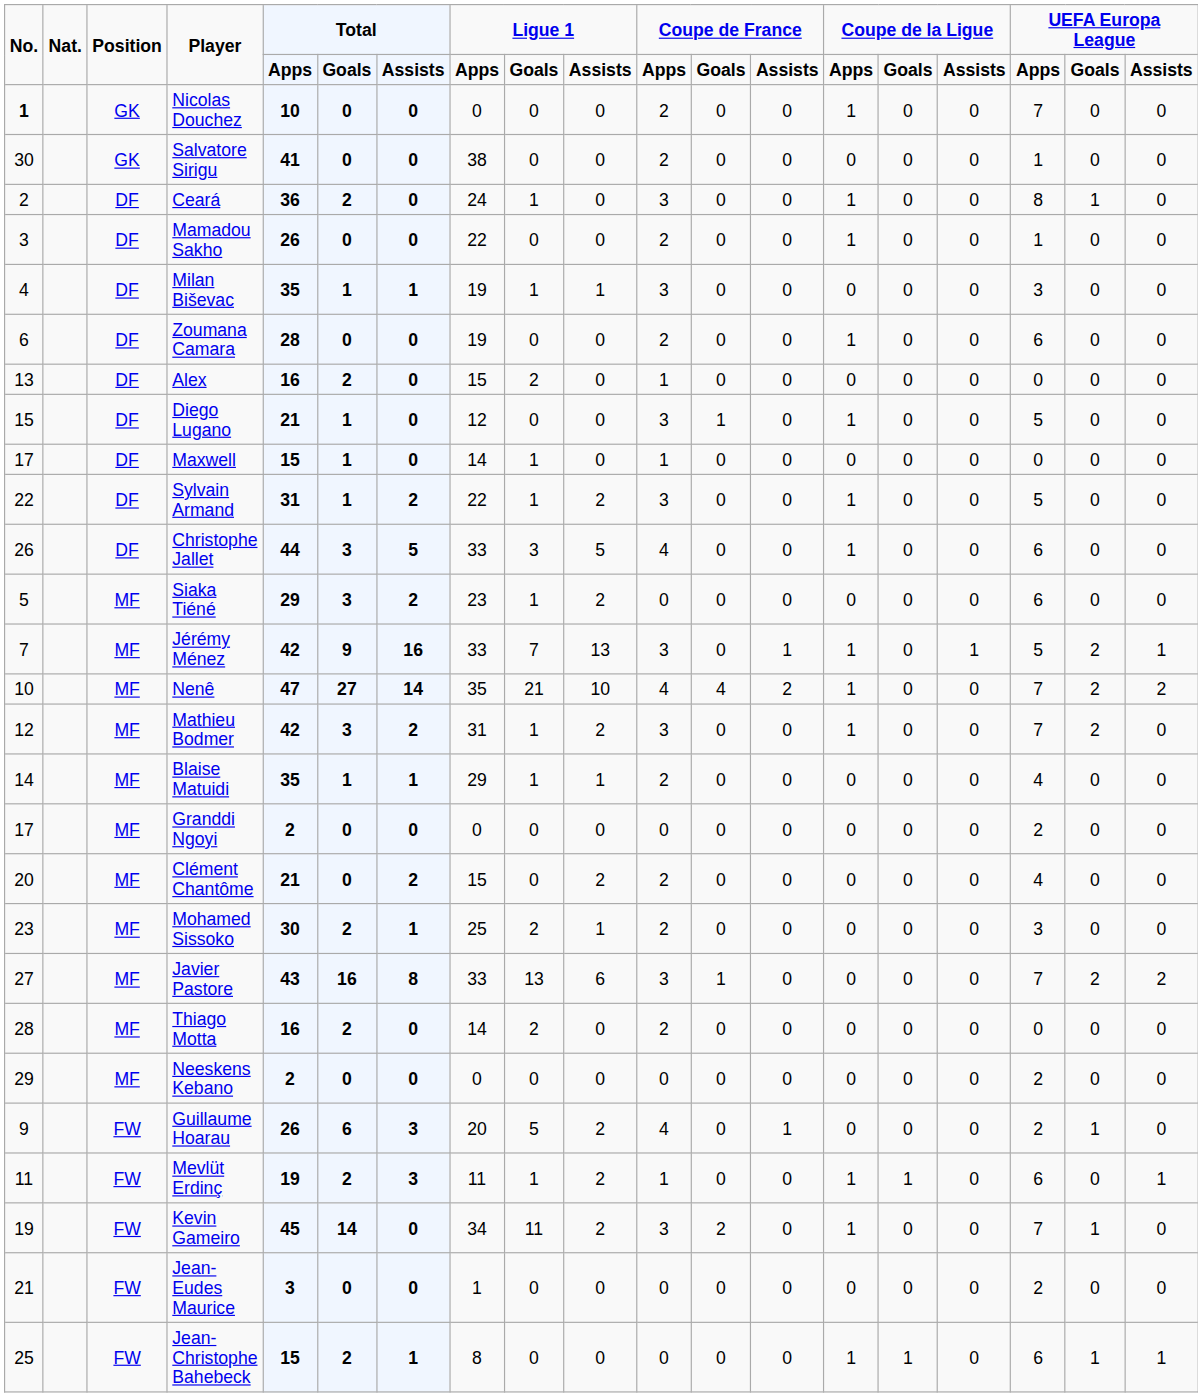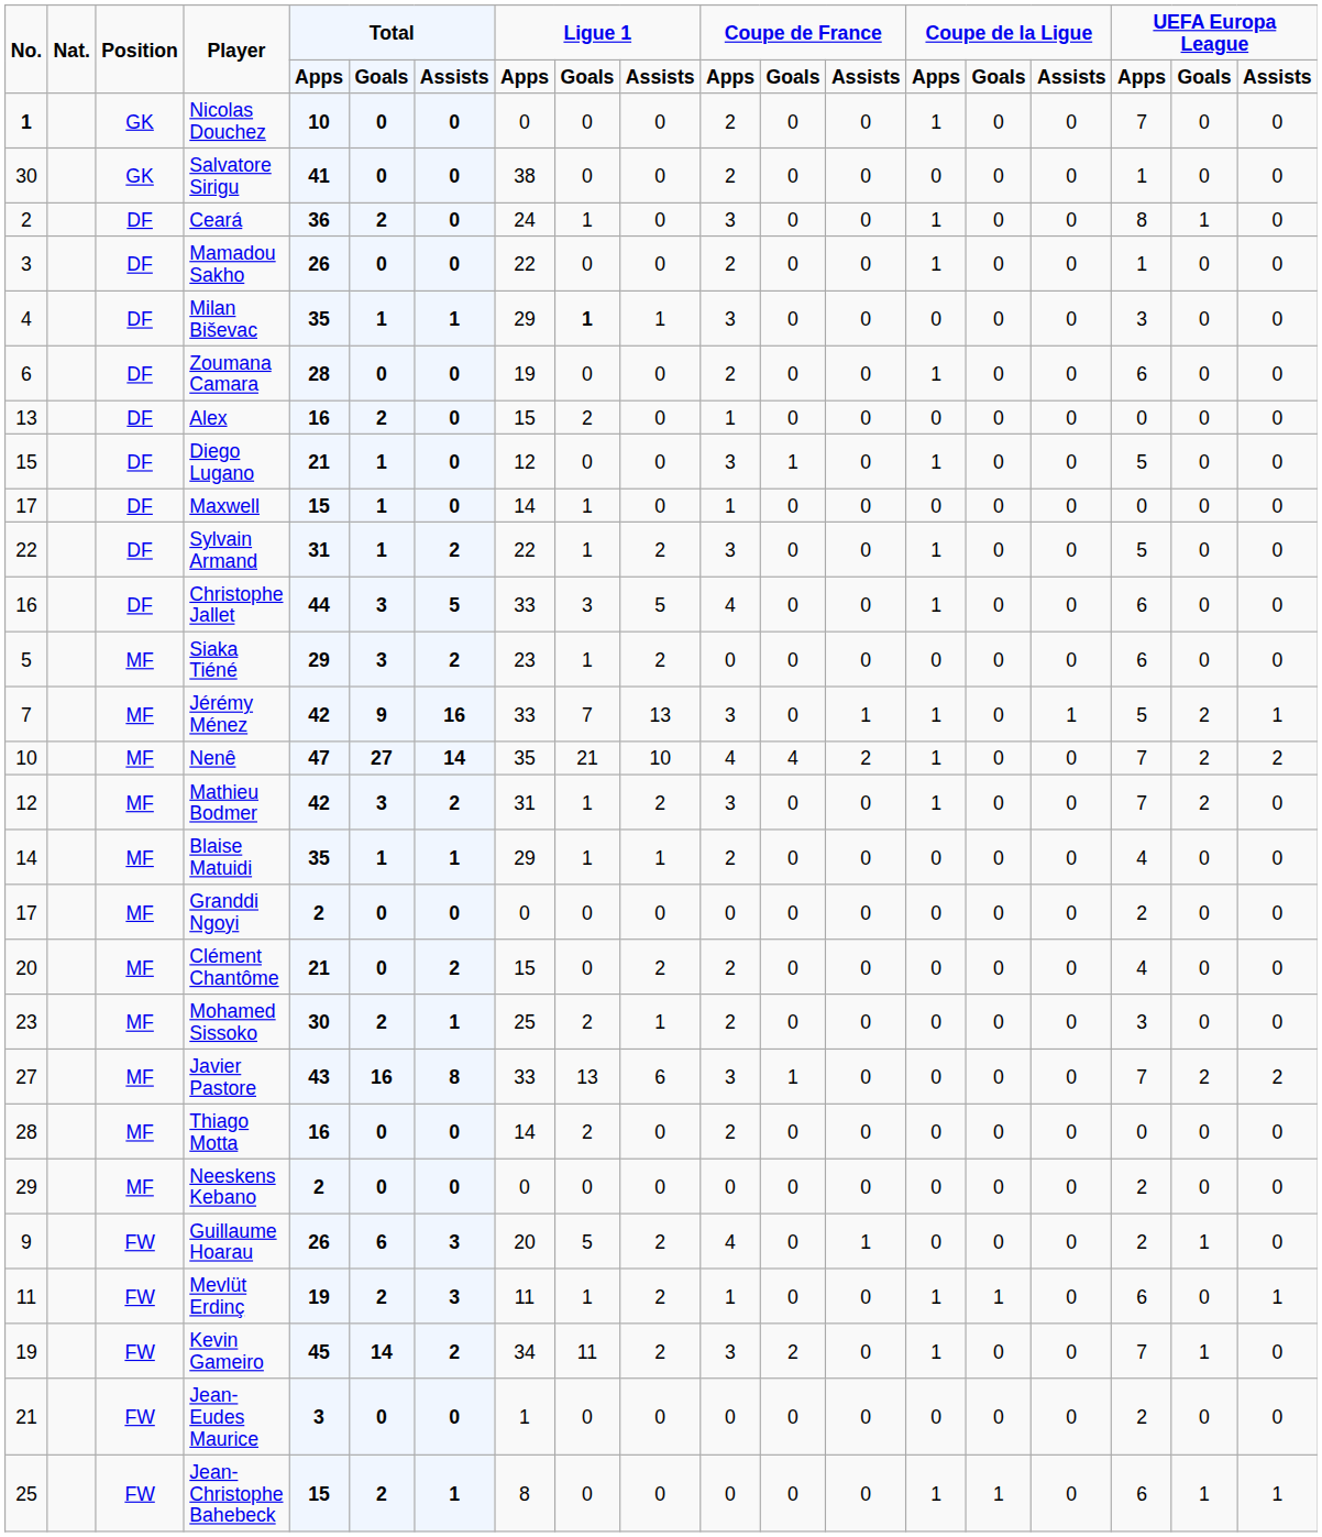 <table border="2" cellpadding="4" cellspacing="0" style="text-align:center; style=margin: 1em 1em 1em 0; background: #f9f9f9; border: 1px #aaa solid; border-collapse: collapse; font-size: 95%;">
 <tr>
 <th rowspan="2" width="1%">No.</th>
 <th rowspan="2" width="1%">Nat.</th>
 <th rowspan="2" width="1%">Position</th>
 <th rowspan="2" width="20%">Player</th>
 <th align="center" style="background:#f0f6ff;" colspan="3">Total</th>
 <th colspan="3"><a href='#'>Ligue 1</a></th>
 <th colspan="3"><a href='#'>Coupe de France</a></th>
 <th colspan="3"><a href='#'>Coupe de la Ligue</a></th>
 <th colspan="3"><a href='#'>UEFA Europa League</a></th>
 </tr>
 <tr>
 <th align="center" style="background:#f0f6ff;" colspan="1">Apps</th>
 <th align="center" style="background:#f0f6ff;" colspan="1">Goals</th>
 <th align="center" style="background:#f0f6ff;" colspan="1">Assists</th>
 <th>Apps</th>
 <th>Goals</th>
 <th>Assists</th>
 <th>Apps</th>
 <th>Goals</th>
 <th>Assists</th>
 <th>Apps</th>
 <th>Goals</th>
 <th>Assists</th>
 <th>Apps</th>
 <th>Goals</th>
 <th>Assists</th>
 </tr>
 <tr>
 <td><strong>1</strong></td>
 <td></td>
 <td><a href='#'>GK</a></td>
 <td align=left><a href='#'>Nicolas Douchez</a></td>
 <th align="center" style="background:#f0f6ff;" colspan=1>10</th>
 <th align="center" style="background:#f0f6ff;" colspan=1>0</th>
 <th align="center" style="background:#f0f6ff;" colspan=1>0</th>
 <td>0</td>
 <td>0</td>
 <td>0</td>
 <td>2</td>
 <td>0</td>
 <td>0</td>
 <td>1</td>
 <td>0</td>
 <td>0</td>
 <td>7</td>
 <td>0</td>
 <td>0</td>
 </tr>
 <tr>
 <td>30</td>
 <td></td>
 <td><a href='#'>GK</a></td>
 <td align=left><a href='#'>Salvatore Sirigu</a></td>
 <th align="center" style="background:#f0f6ff;" colspan=1>41</th>
 <th align="center" style="background:#f0f6ff;" colspan=1>0</th>
 <th align="center" style="background:#f0f6ff;" colspan=1>0</th>
 <td>38</td>
 <td>0</td>
 <td>0</td>
 <td>2</td>
 <td>0</td>
 <td>0</td>
 <td>0</td>
 <td>0</td>
 <td>0</td>
 <td>1</td>
 <td>0</td>
 <td>0</td>
 </tr>
 <tr>
 <td>2</td>
 <td></td>
 <td><a href='#'>DF</a></td>
 <td align=left><a href='#'>Ceará</a></td>
 <th align="center" style="background:#f0f6ff;" colspan=1>36</th>
 <th align="center" style="background:#f0f6ff;" colspan=1>2</th>
 <th align="center" style="background:#f0f6ff;" colspan=1>0</th>
 <td>24</td>
 <td>1</td>
 <td>0</td>
 <td>3</td>
 <td>0</td>
 <td>0</td>
 <td>1</td>
 <td>0</td>
 <td>0</td>
 <td>8</td>
 <td>1</td>
 <td>0</td>
 </tr>
 <tr>
 <td>3</td>
 <td></td>
 <td><a href='#'>DF</a></td>
 <td align=left><a href='#'>Mamadou Sakho</a></td>
 <th align="center" style="background:#f0f6ff;" colspan=1>26</th>
 <th align="center" style="background:#f0f6ff;" colspan=1>0</th>
 <th align="center" style="background:#f0f6ff;" colspan=1>0</th>
 <td>22</td>
 <td>0</td>
 <td>0</td>
 <td>2</td>
 <td>0</td>
 <td>0</td>
 <td>1</td>
 <td>0</td>
 <td>0</td>
 <td>1</td>
 <td>0</td>
 <td>0</td>
 </tr>
 <tr>
 <td>4</td>
 <td></td>
 <td><a href='#'>DF</a></td>
 <td align=left><a href='#'>Milan Biševac</a></td>
 <th align="center" style="background:#f0f6ff;" colspan=1>35</th>
 <th align="center" style="background:#f0f6ff;" colspan=1>1</th>
 <th align="center" style="background:#f0f6ff;" colspan=1>1</th>
-<td>19</td>
-<td>1</td>
+<td>29</td>
+<td><strong>1</strong></td>
 <td>1</td>
 <td>3</td>
 <td>0</td>
 <td>0</td>
 <td>0</td>
 <td>0</td>
 <td>0</td>
 <td>3</td>
 <td>0</td>
 <td>0</td>
 </tr>
 <tr>
 <td>6</td>
 <td></td>
 <td><a href='#'>DF</a></td>
 <td align=left><a href='#'>Zoumana Camara</a></td>
 <th align="center" style="background:#f0f6ff;" colspan=1>28</th>
 <th align="center" style="background:#f0f6ff;" colspan=1>0</th>
 <th align="center" style="background:#f0f6ff;" colspan=1>0</th>
 <td>19</td>
 <td>0</td>
 <td>0</td>
 <td>2</td>
 <td>0</td>
 <td>0</td>
 <td>1</td>
 <td>0</td>
 <td>0</td>
 <td>6</td>
 <td>0</td>
 <td>0</td>
 </tr>
 <tr>
 <td>13</td>
 <td></td>
 <td><a href='#'>DF</a></td>
 <td align=left><a href='#'>Alex</a></td>
 <th align="center" style="background:#f0f6ff;" colspan=1>16</th>
 <th align="center" style="background:#f0f6ff;" colspan=1>2</th>
 <th align="center" style="background:#f0f6ff;" colspan=1>0</th>
 <td>15</td>
 <td>2</td>
 <td>0</td>
 <td>1</td>
 <td>0</td>
 <td>0</td>
 <td>0</td>
 <td>0</td>
 <td>0</td>
 <td>0</td>
 <td>0</td>
 <td>0</td>
 </tr>
 <tr>
 <td>15</td>
 <td></td>
 <td><a href='#'>DF</a></td>
 <td align=left><a href='#'>Diego Lugano</a></td>
 <th align="center" style="background:#f0f6ff;" colspan=1>21</th>
 <th align="center" style="background:#f0f6ff;" colspan=1>1</th>
 <th align="center" style="background:#f0f6ff;" colspan=1>0</th>
 <td>12</td>
 <td>0</td>
 <td>0</td>
 <td>3</td>
 <td>1</td>
 <td>0</td>
 <td>1</td>
 <td>0</td>
 <td>0</td>
 <td>5</td>
 <td>0</td>
 <td>0</td>
 </tr>
 <tr>
 <td>17</td>
 <td></td>
 <td><a href='#'>DF</a></td>
 <td align=left><a href='#'>Maxwell</a></td>
 <th align="center" style="background:#f0f6ff;" colspan=1>15</th>
 <th align="center" style="background:#f0f6ff;" colspan=1>1</th>
 <th align="center" style="background:#f0f6ff;" colspan=1>0</th>
 <td>14</td>
 <td>1</td>
 <td>0</td>
 <td>1</td>
 <td>0</td>
 <td>0</td>
 <td>0</td>
 <td>0</td>
 <td>0</td>
 <td>0</td>
 <td>0</td>
 <td>0</td>
 </tr>
 <tr>
 <td>22</td>
 <td></td>
 <td><a href='#'>DF</a></td>
 <td align=left><a href='#'>Sylvain Armand</a></td>
 <th align="center" style="background:#f0f6ff;" colspan=1>31</th>
 <th align="center" style="background:#f0f6ff;" colspan=1>1</th>
 <th align="center" style="background:#f0f6ff;" colspan=1>2</th>
 <td>22</td>
 <td>1</td>
 <td>2</td>
 <td>3</td>
 <td>0</td>
 <td>0</td>
 <td>1</td>
 <td>0</td>
 <td>0</td>
 <td>5</td>
 <td>0</td>
 <td>0</td>
 </tr>
 <tr>
-<td>26</td>
+<td>16</td>
 <td></td>
 <td><a href='#'>DF</a></td>
 <td align=left><a href='#'>Christophe Jallet</a></td>
 <th align="center" style="background:#f0f6ff;" colspan=1>44</th>
 <th align="center" style="background:#f0f6ff;" colspan=1>3</th>
 <th align="center" style="background:#f0f6ff;" colspan=1>5</th>
 <td>33</td>
 <td>3</td>
 <td>5</td>
 <td>4</td>
 <td>0</td>
 <td>0</td>
 <td>1</td>
 <td>0</td>
 <td>0</td>
 <td>6</td>
 <td>0</td>
 <td>0</td>
 </tr>
 <tr>
 <td>5</td>
 <td></td>
 <td><a href='#'>MF</a></td>
 <td align=left><a href='#'>Siaka Tiéné</a></td>
 <th align="center" style="background:#f0f6ff;" colspan=1>29</th>
 <th align="center" style="background:#f0f6ff;" colspan=1>3</th>
 <th align="center" style="background:#f0f6ff;" colspan=1>2</th>
 <td>23</td>
 <td>1</td>
 <td>2</td>
 <td>0</td>
 <td>0</td>
 <td>0</td>
 <td>0</td>
 <td>0</td>
 <td>0</td>
 <td>6</td>
 <td>0</td>
 <td>0</td>
 </tr>
 <tr>
 <td>7</td>
 <td></td>
 <td><a href='#'>MF</a></td>
 <td align=left><a href='#'>Jérémy Ménez</a></td>
 <th align="center" style="background:#f0f6ff;" colspan=1>42</th>
 <th align="center" style="background:#f0f6ff;" colspan=1>9</th>
 <th align="center" style="background:#f0f6ff;" colspan=1>16</th>
 <td>33</td>
 <td>7</td>
 <td>13</td>
 <td>3</td>
 <td>0</td>
 <td>1</td>
 <td>1</td>
 <td>0</td>
 <td>1</td>
 <td>5</td>
 <td>2</td>
 <td>1</td>
 </tr>
 <tr>
 <td>10</td>
 <td></td>
 <td><a href='#'>MF</a></td>
 <td align=left><a href='#'>Nenê</a></td>
 <th align="center" style="background:#f0f6ff;" colspan=1>47</th>
 <th align="center" style="background:#f0f6ff;" colspan=1>27</th>
 <th align="center" style="background:#f0f6ff;" colspan=1>14</th>
 <td>35</td>
 <td>21</td>
 <td>10</td>
 <td>4</td>
 <td>4</td>
 <td>2</td>
 <td>1</td>
 <td>0</td>
 <td>0</td>
 <td>7</td>
 <td>2</td>
 <td>2</td>
 </tr>
 <tr>
 <td>12</td>
 <td></td>
 <td><a href='#'>MF</a></td>
 <td align=left><a href='#'>Mathieu Bodmer</a></td>
 <th align="center" style="background:#f0f6ff;" colspan=1>42</th>
 <th align="center" style="background:#f0f6ff;" colspan=1>3</th>
 <th align="center" style="background:#f0f6ff;" colspan=1>2</th>
 <td>31</td>
 <td>1</td>
 <td>2</td>
 <td>3</td>
 <td>0</td>
 <td>0</td>
 <td>1</td>
 <td>0</td>
 <td>0</td>
 <td>7</td>
 <td>2</td>
 <td>0</td>
 </tr>
 <tr>
 <td>14</td>
 <td></td>
 <td><a href='#'>MF</a></td>
 <td align=left><a href='#'>Blaise Matuidi</a></td>
 <th align="center" style="background:#f0f6ff;" colspan=1>35</th>
 <th align="center" style="background:#f0f6ff;" colspan=1>1</th>
 <th align="center" style="background:#f0f6ff;" colspan=1>1</th>
 <td>29</td>
 <td>1</td>
 <td>1</td>
 <td>2</td>
 <td>0</td>
 <td>0</td>
 <td>0</td>
 <td>0</td>
 <td>0</td>
 <td>4</td>
 <td>0</td>
 <td>0</td>
 </tr>
 <tr>
 <td>17</td>
 <td></td>
 <td><a href='#'>MF</a></td>
 <td align=left><a href='#'>Granddi Ngoyi</a></td>
 <th align="center" style="background:#f0f6ff;" colspan=1>2</th>
 <th align="center" style="background:#f0f6ff;" colspan=1>0</th>
 <th align="center" style="background:#f0f6ff;" colspan=1>0</th>
 <td>0</td>
 <td>0</td>
 <td>0</td>
 <td>0</td>
 <td>0</td>
 <td>0</td>
 <td>0</td>
 <td>0</td>
 <td>0</td>
 <td>2</td>
 <td>0</td>
 <td>0</td>
 </tr>
 <tr>
 <td>20</td>
 <td></td>
 <td><a href='#'>MF</a></td>
 <td align=left><a href='#'>Clément Chantôme</a></td>
 <th align="center" style="background:#f0f6ff;" colspan=1>21</th>
 <th align="center" style="background:#f0f6ff;" colspan=1>0</th>
 <th align="center" style="background:#f0f6ff;" colspan=1>2</th>
 <td>15</td>
 <td>0</td>
 <td>2</td>
 <td>2</td>
 <td>0</td>
 <td>0</td>
 <td>0</td>
 <td>0</td>
 <td>0</td>
 <td>4</td>
 <td>0</td>
 <td>0</td>
 </tr>
 <tr>
 <td>23</td>
 <td></td>
 <td><a href='#'>MF</a></td>
 <td align=left><a href='#'>Mohamed Sissoko</a></td>
 <th align="center" style="background:#f0f6ff;" colspan=1>30</th>
 <th align="center" style="background:#f0f6ff;" colspan=1>2</th>
 <th align="center" style="background:#f0f6ff;" colspan=1>1</th>
 <td>25</td>
 <td>2</td>
 <td>1</td>
 <td>2</td>
 <td>0</td>
 <td>0</td>
 <td>0</td>
 <td>0</td>
 <td>0</td>
 <td>3</td>
 <td>0</td>
 <td>0</td>
 </tr>
 <tr>
 <td>27</td>
 <td></td>
 <td><a href='#'>MF</a></td>
 <td align=left><a href='#'>Javier Pastore</a></td>
 <th align="center" style="background:#f0f6ff;" colspan=1>43</th>
 <th align="center" style="background:#f0f6ff;" colspan=1>16</th>
 <th align="center" style="background:#f0f6ff;" colspan=1>8</th>
 <td>33</td>
 <td>13</td>
 <td>6</td>
 <td>3</td>
 <td>1</td>
 <td>0</td>
 <td>0</td>
 <td>0</td>
 <td>0</td>
 <td>7</td>
 <td>2</td>
 <td>2</td>
 </tr>
 <tr>
 <td>28</td>
 <td></td>
 <td><a href='#'>MF</a></td>
 <td align=left><a href='#'>Thiago Motta</a></td>
 <th align="center" style="background:#f0f6ff;" colspan=1>16</th>
-<th align="center" style="background:#f0f6ff;" colspan=1>2</th>
+<th align="center" style="background:#f0f6ff;" colspan=1>0</th>
 <th align="center" style="background:#f0f6ff;" colspan=1>0</th>
 <td>14</td>
 <td>2</td>
 <td>0</td>
 <td>2</td>
 <td>0</td>
 <td>0</td>
 <td>0</td>
 <td>0</td>
 <td>0</td>
 <td>0</td>
 <td>0</td>
 <td>0</td>
 </tr>
 <tr>
 <td>29</td>
 <td></td>
 <td><a href='#'>MF</a></td>
 <td align=left><a href='#'>Neeskens Kebano</a></td>
 <th align="center" style="background:#f0f6ff;" colspan=1>2</th>
 <th align="center" style="background:#f0f6ff;" colspan=1>0</th>
 <th align="center" style="background:#f0f6ff;" colspan=1>0</th>
 <td>0</td>
 <td>0</td>
 <td>0</td>
 <td>0</td>
 <td>0</td>
 <td>0</td>
 <td>0</td>
 <td>0</td>
 <td>0</td>
 <td>2</td>
 <td>0</td>
 <td>0</td>
 </tr>
 <tr>
 <td>9</td>
 <td></td>
 <td><a href='#'>FW</a></td>
 <td align=left><a href='#'>Guillaume Hoarau</a></td>
 <th align="center" style="background:#f0f6ff;" colspan=1>26</th>
 <th align="center" style="background:#f0f6ff;" colspan=1>6</th>
 <th align="center" style="background:#f0f6ff;" colspan=1>3</th>
 <td>20</td>
 <td>5</td>
 <td>2</td>
 <td>4</td>
 <td>0</td>
 <td>1</td>
 <td>0</td>
 <td>0</td>
 <td>0</td>
 <td>2</td>
 <td>1</td>
 <td>0</td>
 </tr>
 <tr>
 <td>11</td>
 <td></td>
 <td><a href='#'>FW</a></td>
 <td align=left><a href='#'>Mevlüt Erdinç</a></td>
 <th align="center" style="background:#f0f6ff;" colspan=1>19</th>
 <th align="center" style="background:#f0f6ff;" colspan=1>2</th>
 <th align="center" style="background:#f0f6ff;" colspan=1>3</th>
 <td>11</td>
 <td>1</td>
 <td>2</td>
 <td>1</td>
 <td>0</td>
 <td>0</td>
 <td>1</td>
 <td>1</td>
 <td>0</td>
 <td>6</td>
 <td>0</td>
 <td>1</td>
 </tr>
 <tr>
 <td>19</td>
 <td></td>
 <td><a href='#'>FW</a></td>
 <td align=left><a href='#'>Kevin Gameiro</a></td>
 <th align="center" style="background:#f0f6ff;" colspan=1>45</th>
 <th align="center" style="background:#f0f6ff;" colspan=1>14</th>
-<th align="center" style="background:#f0f6ff;" colspan=1>0</th>
+<th align="center" style="background:#f0f6ff;" colspan=1>2</th>
 <td>34</td>
 <td>11</td>
 <td>2</td>
 <td>3</td>
 <td>2</td>
 <td>0</td>
 <td>1</td>
 <td>0</td>
 <td>0</td>
 <td>7</td>
 <td>1</td>
 <td>0</td>
 </tr>
 <tr>
 <td>21</td>
 <td></td>
 <td><a href='#'>FW</a></td>
 <td align=left><a href='#'>Jean-Eudes Maurice</a></td>
 <th align="center" style="background:#f0f6ff;" colspan=1>3</th>
 <th align="center" style="background:#f0f6ff;" colspan=1>0</th>
 <th align="center" style="background:#f0f6ff;" colspan=1>0</th>
 <td>1</td>
 <td>0</td>
 <td>0</td>
 <td>0</td>
 <td>0</td>
 <td>0</td>
 <td>0</td>
 <td>0</td>
 <td>0</td>
 <td>2</td>
 <td>0</td>
 <td>0</td>
 </tr>
 <tr>
 <td>25</td>
 <td></td>
 <td><a href='#'>FW</a></td>
 <td align=left><a href='#'>Jean-Christophe Bahebeck</a></td>
 <th align="center" style="background:#f0f6ff;" colspan=1>15</th>
 <th align="center" style="background:#f0f6ff;" colspan=1>2</th>
 <th align="center" style="background:#f0f6ff;" colspan=1>1</th>
 <td>8</td>
 <td>0</td>
 <td>0</td>
 <td>0</td>
 <td>0</td>
 <td>0</td>
 <td>1</td>
 <td>1</td>
 <td>0</td>
 <td>6</td>
 <td>1</td>
 <td>1</td>
 </tr>
 </table>
